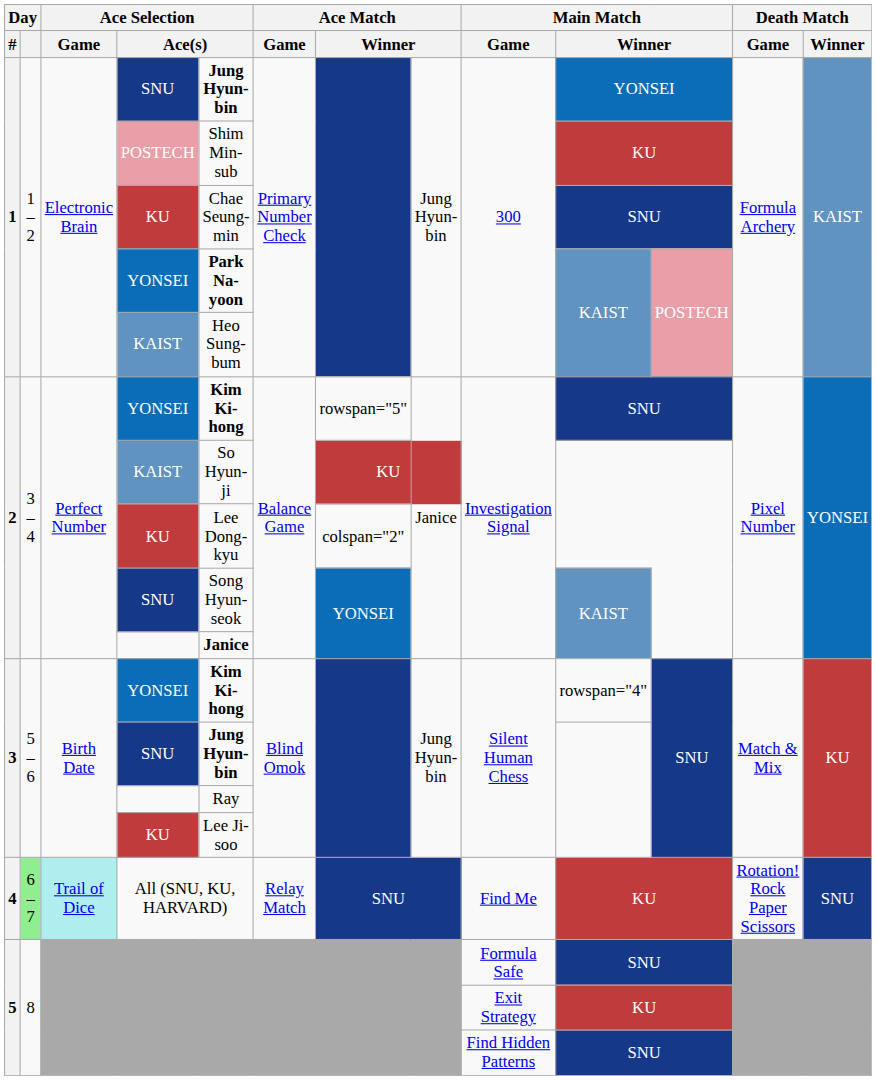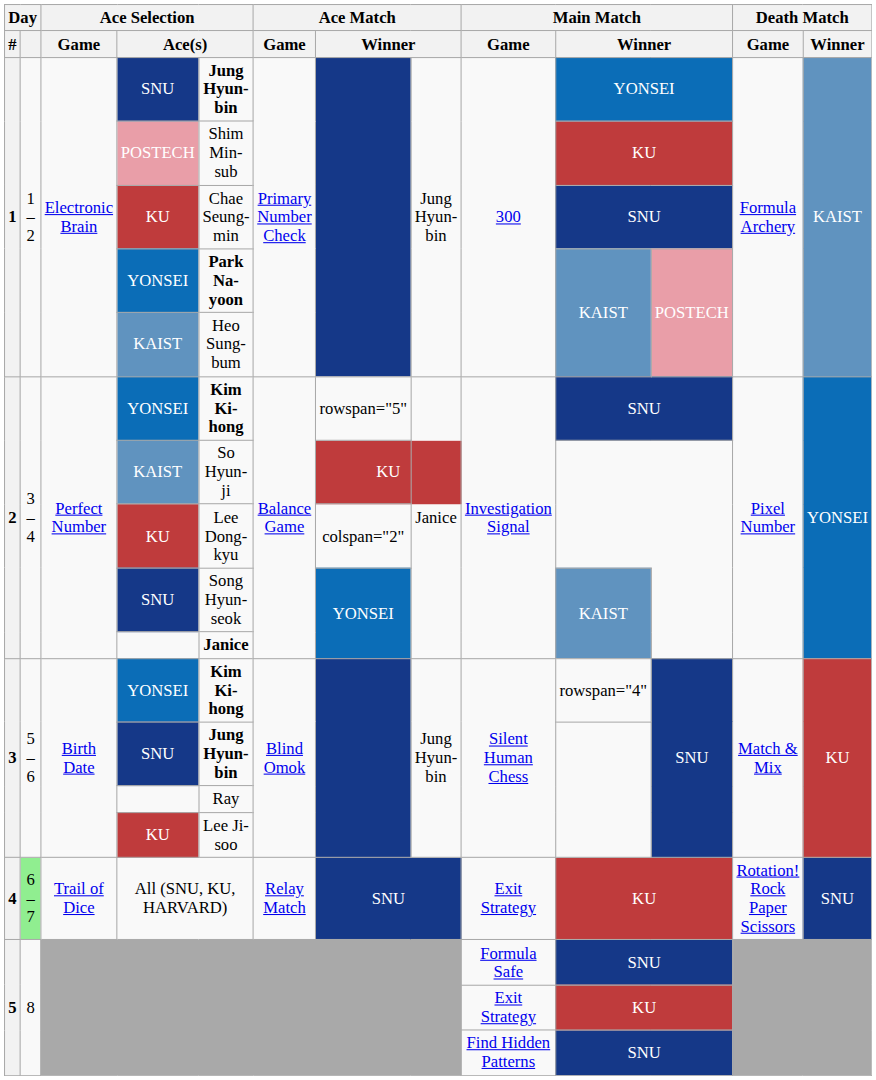 <table class="wikitable" style="text-align:center">
 <tr>
 <th scope="col" colspan="2">Day</th>
 <th scope="col" colspan="3">Ace Selection</th>
 <th scope="col" colspan="3">Ace Match</th>
 <th scope="col" colspan="3">Main Match</th>
 <th scope="col" colspan="2">Death Match</th>
 </tr>
 <tr>
 <th scope="col">#</th>
 <th scope="col"></th>
 <th scope="col">Game</th>
 <th scope="col" colspan="2">Ace(s)</th>
 <th scope="col">Game</th>
 <th scope="col" colspan="2">Winner</th>
 <th scope="col">Game</th>
 <th scope="col" colspan="2">Winner</th>
 <th scope="col">Game</th>
 <th scope="col" colspan="">Winner</th>
 </tr>
 <tr>
 <th scope="row" rowspan="5">1</th>
 <td rowspan="5">1 – 2</td>
 <td rowspan="5"><a href='#'>Electronic Brain</a></td>
 <td style="background-color:#153888;color:white">SNU</td>
 <td><strong>Jung Hyun-bin</strong></td>
 <td rowspan="5"><a href='#'>Primary Number Check</a></td>
 <td rowspan="5" style="background-color:#153888"></td>
 <td rowspan="5">Jung Hyun-bin</td>
 <td rowspan="5"><a href='#'>300</a></td>
 <td colspan="2" style="background-color:#0B6DB7; color:white">YONSEI</td>
 <td rowspan="5"><a href='#'>Formula Archery</a></td>
 <td rowspan="5" style="background-color:#6093BF; color:white">KAIST</td>
 </tr>
 <tr>
 <td style="background-color:#E99EA8; color:white">POSTECH</td>
 <td>Shim Min-sub</td>
 <td colspan="2" style="background-color:#BF3B3C; color:white">KU</td>
 </tr>
 <tr>
 <td style="background-color:#BF3B3C; color:white">KU</td>
 <td>Chae Seung-min</td>
 <td colspan="2" style="background-color:#153888;color:white">SNU</td>
 </tr>
 <tr>
 <td style="background-color:#0B6DB7; color:white">YONSEI</td>
 <td><strong>Park Na-yoon</strong></td>
 <td rowspan="2" style="background-color:#6093BF; color:white">KAIST</td>
 <td rowspan="2" style="background-color:#E99EA8; color:white">POSTECH</td>
 </tr>
 <tr>
 <td style="background-color:#6093BF; color:white">KAIST</td>
 <td>Heo Sung-bum</td>
 </tr>
 <tr>
 <th scope="row" rowspan="5">2</th>
 <td rowspan="5">3 – 4</td>
 <td rowspan="5"><a href='#'>Perfect Number</a></td>
 <td style="background-color:#0B6DB7; color:white">YONSEI</td>
 <td><strong>Kim Ki-hong</strong></td>
 <td rowspan="5"><a href='#'>Balance Game</a></td>
 <td>rowspan="5" </td>
 <td rowspan="5">Janice</td>
 <td rowspan="5"><a href='#'>Investigation Signal</a></td>
 <td colspan="2" style="background-color:#153888; color:white">SNU</td>
 <td rowspan="5"><a href='#'>Pixel Number</a></td>
 <td rowspan="5" style="background-color:#0B6DB7; color:white">YONSEI</td>
 </tr>
 <tr>
 <td style="background-color:#6093BF; color:white">KAIST</td>
 <td>So Hyun-ji</td>
 <td colspan="2" style="background-color:#BF3B3C; color:white">KU</td>
 </tr>
 <tr>
 <td style="background-color:#BF3B3C; color:white">KU</td>
 <td>Lee Dong-kyu</td>
 <td>colspan="2"  </td>
 </tr>
 <tr>
 <td style="background-color:#153888; color:white">SNU</td>
 <td>Song Hyun-seok</td>
 <td rowspan="2" style="background-color:#0B6DB7; color:white">YONSEI</td>
 <td rowspan="2" style="background-color:#6093BF; color:white">KAIST</td>
 </tr>
 <tr>
 <td> </td>
 <td><strong>Janice</strong></td>
 </tr>
 <tr>
 <th scope="row" rowspan="4">3</th>
 <td rowspan="4">5 – 6</td>
 <td rowspan="4"><a href='#'>Birth Date</a></td>
 <td style="background-color:#0B6DB7; color:white">YONSEI</td>
 <td><strong>Kim Ki-hong</strong></td>
 <td rowspan="4"><a href='#'>Blind Omok</a></td>
 <td rowspan="4" style="background-color:#153888"></td>
 <td rowspan="4">Jung Hyun-bin</td>
 <td rowspan="4"><a href='#'>Silent Human Chess</a></td>
 <td>rowspan="4"  </td>
 <td rowspan="4" style="background-color:#153888; color:white">SNU</td>
 <td rowspan="4"><a href='#'>Match & Mix</a></td>
 <td rowspan="4" style="background-color:#BF3B3C; color:white">KU</td>
 </tr>
 <tr>
 <td style="background-color:#153888; color:white">SNU</td>
 <td><strong>Jung Hyun-bin</strong></td>
 </tr>
 <tr>
 <td> </td>
 <td>Ray</td>
 </tr>
 <tr>
 <td style="background-color:#BF3B3C; color:white">KU</td>
 <td>Lee Ji-soo</td>
 </tr>
 <tr>
 <th scope="row">4</th>
 <td style="background: lightgreen;">6 – 7</td>
-<td style="background: paleturquoise;"><a href='#'>Trail of Dice</a></td>
+<td><a href='#'>Trail of Dice</a></td>
 <td colspan="2">All (SNU, KU, HARVARD)</td>
 <td><a href='#'>Relay Match</a></td>
 <td colspan="2" style="background-color:#153888; color:white">SNU</td>
-<td><a href='#'>Find Me</a></td>
+<td><a href='#'>Exit Strategy</a></td>
 <td colspan="2" style="background-color:#BF3B3C; color:white">KU</td>
 <td><a href='#'>Rotation! Rock Paper Scissors</a></td>
 <td style="background-color:#153888; color:white">SNU</td>
 </tr>
 <tr>
 <th scope="row" rowspan="3">5</th>
 <td rowspan="3">8</td>
 <td colspan="6" rowspan="3" style="background-color:darkgrey"></td>
 <td><a href='#'>Formula Safe</a></td>
 <td colspan="2" style="background-color:#153888; color:white">SNU</td>
 <td colspan="6" rowspan="3"  style="background-color:darkgrey"></td>
 </tr>
 <tr>
 <td><a href='#'>Exit Strategy</a></td>
 <td colspan="2" style="background-color:#BF3B3C; color:white">KU</td>
 </tr>
 <tr>
 <td><a href='#'>Find Hidden Patterns</a></td>
 <td colspan="2" style="background-color:#153888; color:white">SNU</td>
 </tr>
 </table>
